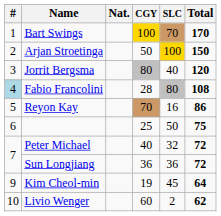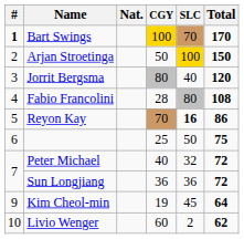 <table class="wikitable" style="text-align:center;">
 <tr>
 <th>#</th>
 <th>Name</th>
 <th>Nat.</th>
 <th><small>CGY</small></th>
 <th><small>SLC</small></th>
 <th>Total</th>
 </tr>
 <tr>
-<td>1</td>
+<td><strong>1</strong></td>
 <td align=left><a href='#'>Bart Swings</a></td>
 <td></td>
 <td bgcolor=gold>100</td>
 <td bgcolor=cc9966>70</td>
 <td><strong>170</strong></td>
 </tr>
 <tr>
 <td>2</td>
 <td align=left><a href='#'>Arjan Stroetinga</a></td>
 <td></td>
 <td>50</td>
 <td bgcolor=gold>100</td>
 <td><strong>150</strong></td>
 </tr>
 <tr>
 <td>3</td>
 <td align=left><a href='#'>Jorrit Bergsma</a></td>
 <td></td>
 <td bgcolor=silver>80</td>
 <td>40</td>
 <td><strong>120</strong></td>
 </tr>
 <tr>
-<td style="background: lightblue;">4</td>
+<td>4</td>
 <td align=left><a href='#'>Fabio Francolini</a></td>
 <td></td>
 <td>28</td>
 <td bgcolor=silver>80</td>
 <td><strong>108</strong></td>
 </tr>
 <tr>
 <td>5</td>
 <td align=left><a href='#'>Reyon Kay</a></td>
 <td></td>
 <td bgcolor=cc9966>70</td>
-<td>16</td>
+<td><strong>16</strong></td>
 <td><strong>86</strong></td>
 </tr>
 <tr>
 <td>6</td>
 <td align=left></td>
 <td></td>
 <td>25</td>
 <td>50</td>
 <td><strong>75</strong></td>
 </tr>
 <tr>
 <td rowspan=2>7</td>
 <td align=left><a href='#'>Peter Michael</a></td>
 <td></td>
 <td>40</td>
 <td>32</td>
 <td><strong>72</strong></td>
 </tr>
 <tr>
 <td align=left><a href='#'>Sun Longjiang</a></td>
 <td></td>
 <td>36</td>
 <td>36</td>
 <td><strong>72</strong></td>
 </tr>
 <tr>
 <td>9</td>
 <td align=left><a href='#'>Kim Cheol-min</a></td>
 <td></td>
 <td>19</td>
 <td>45</td>
 <td><strong>64</strong></td>
 </tr>
 <tr>
 <td>10</td>
 <td align=left><a href='#'>Livio Wenger</a></td>
 <td></td>
 <td>60</td>
 <td>2</td>
 <td><strong>62</strong></td>
 </tr>
 </table>
